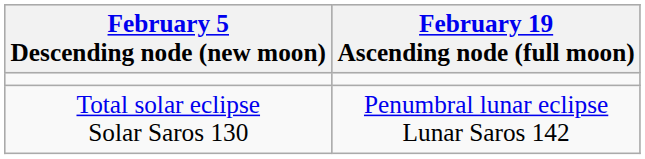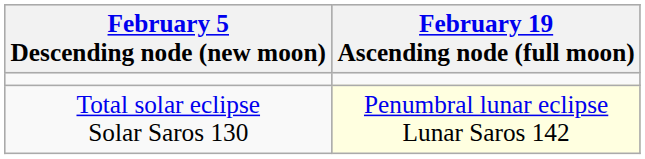 <table class="wikitable">
 <tr>
 <th><a href='#'>February 5</a><br>Descending node (new moon)<br></th>
 <th><a href='#'>February 19</a><br>Ascending node (full moon)</th>
 </tr>
 <tr>
 <td></td>
 <td></td>
 </tr>
 <tr align=center>
 <td><a href='#'>Total solar eclipse</a><br>Solar Saros 130</td>
-<td><a href='#'>Penumbral lunar eclipse</a><br>Lunar Saros 142</td>
+<td style="background: lightyellow;"><a href='#'>Penumbral lunar eclipse</a><br>Lunar Saros 142</td>
 </tr>
 </table>
